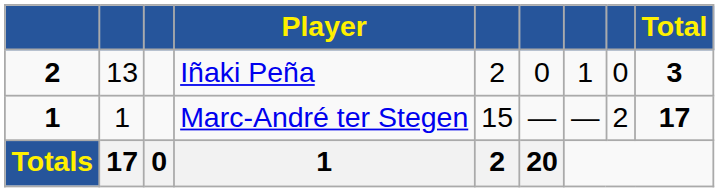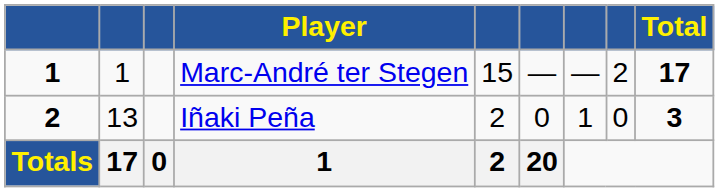 <table class="wikitable" style="text-align:center">
 <tr>
 <th style="background:#26559B;color:#FFF000;"></th>
 <th style="background:#26559B;color:#FFF000;"></th>
 <th style="background:#26559B;color:#FFF000;"></th>
 <th style="background:#26559B;color:#FFF000;">Player</th>
 <th style="background:#26559B;color:#FFF000;"></th>
 <th style="background:#26559B;color:#FFF000;"></th>
 <th style="background:#26559B;color:#FFF000;"></th>
 <th style="background:#26559B;color:#FFF000;"></th>
 <th style="background:#26559B;color:#FFF000;">Total</th>
 </tr>
 <tr>
+<td><strong>1</strong></td>
+<td>1</td>
+<td></td>
+<td style="text-align:left"><a href='#'>Marc-André ter Stegen</a></td>
+<td>15</td>
+<td>—</td>
+<td>—</td>
+<td>2</td>
+<td><strong>17</strong></td>
+</tr>
+<tr>
 <td><strong>2</strong></td>
 <td>13</td>
 <td></td>
 <td style="text-align:left"><a href='#'>Iñaki Peña</a></td>
 <td>2</td>
 <td>0</td>
 <td>1</td>
 <td>0</td>
 <td><strong>3</strong></td>
 </tr>
 <tr>
-<td><strong>1</strong></td>
-<td>1</td>
-<td></td>
-<td style="text-align:left"><a href='#'>Marc-André ter Stegen</a></td>
-<td>15</td>
-<td>—</td>
-<td>—</td>
-<td>2</td>
-<td><strong>17</strong></td>
-</tr>
-<tr>
 <th style="background:#26559B;color:#FFF000;">Totals</th>
 <th>17</th>
 <th>0</th>
 <th>1</th>
 <th>2</th>
 <th>20</th>
 </tr>
 </table>
